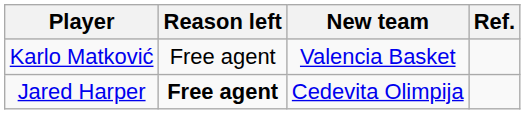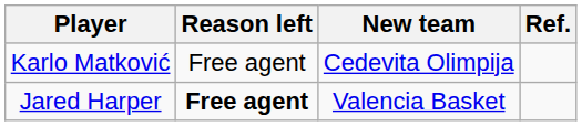 <table class="wikitable sortable sortable" style="text-align: center">
 <tr>
 <th>Player</th>
 <th>Reason left</th>
 <th>New team</th>
 <th>Ref.</th>
 </tr>
 <tr>
 <td><a href='#'>Karlo Matković</a></td>
 <td>Free agent</td>
-<td><a href='#'>Valencia Basket</a></td>
+<td><a href='#'>Cedevita Olimpija</a></td>
 <td></td>
 </tr>
 <tr>
 <td><a href='#'>Jared Harper</a></td>
 <td><strong>Free agent</strong></td>
-<td><a href='#'>Cedevita Olimpija</a></td>
+<td><a href='#'>Valencia Basket</a></td>
 <td></td>
 </tr>
 </table>
